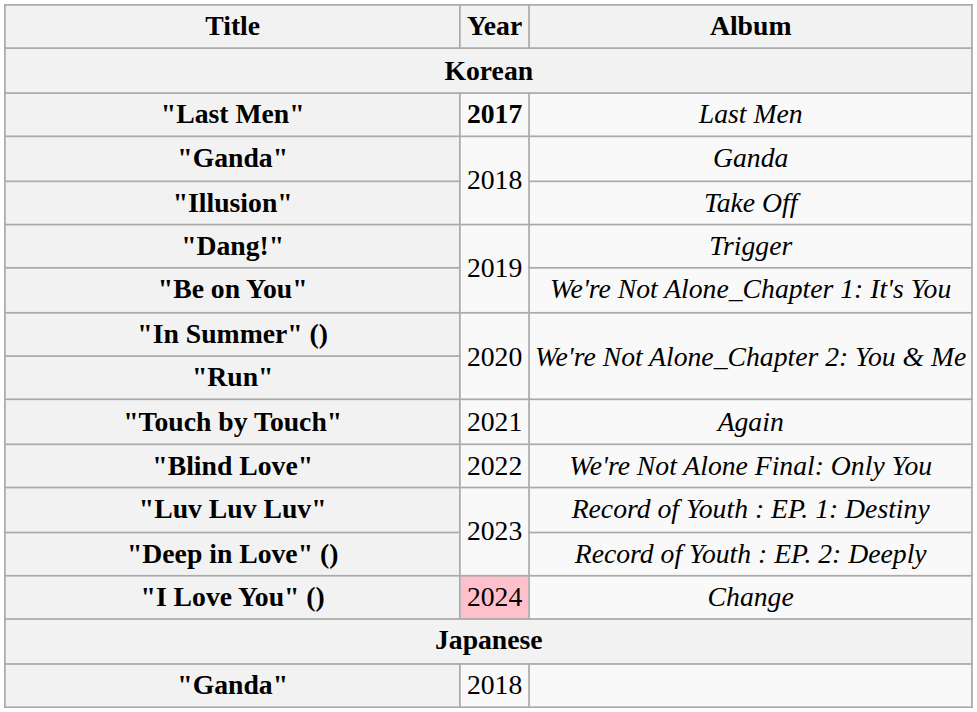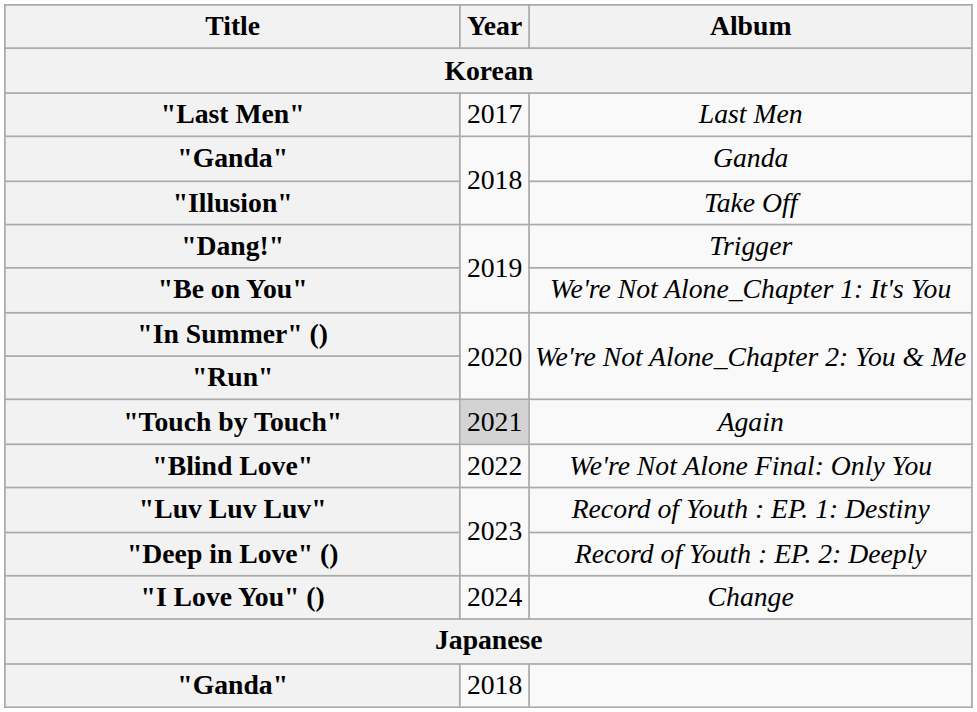 <table class="wikitable plainrowheaders" style="text-align:center;">
 <tr>
 <th scope="col" style="width:16em;">Title</th>
 <th scope="col">Year</th>
 <th scope="col">Album</th>
 </tr>
 <tr>
 <th colspan="3">Korean</th>
 </tr>
 <tr>
 <th scope="row">"Last Men"</th>
-<td><strong>2017</strong></td>
+<td>2017</td>
 <td><em>Last Men</em></td>
 </tr>
 <tr>
 <th scope="row">"Ganda"</th>
 <td rowspan="2">2018</td>
 <td><em>Ganda</em></td>
 </tr>
 <tr>
 <th scope="row">"Illusion"</th>
 <td><em>Take Off</em></td>
 </tr>
 <tr>
 <th scope="row">"Dang!"</th>
 <td rowspan="2">2019</td>
 <td><em>Trigger</em></td>
 </tr>
 <tr>
 <th scope="row">"Be on You"</th>
 <td><em>We're Not Alone_Chapter 1: It's You</em></td>
 </tr>
 <tr>
 <th scope="row">"In Summer" ()</th>
 <td rowspan="2">2020</td>
 <td rowspan="2"><em>We're Not Alone_Chapter 2: You & Me</em></td>
 </tr>
 <tr>
 <th scope="row">"Run"</th>
 </tr>
 <tr>
 <th scope="row">"Touch by Touch"</th>
-<td>2021</td>
+<td style="background: lightgrey;">2021</td>
 <td><em>Again</em></td>
 </tr>
 <tr>
 <th scope="row">"Blind Love"</th>
 <td>2022</td>
 <td><em>We're Not Alone Final: Only You</em></td>
 </tr>
 <tr>
 <th scope="row">"Luv Luv Luv"</th>
 <td rowspan="2">2023</td>
 <td><em>Record of Youth : EP. 1: Destiny</em></td>
 </tr>
 <tr>
 <th scope="row">"Deep in Love" ()</th>
 <td><em>Record of Youth : EP. 2: Deeply</em></td>
 </tr>
 <tr>
 <th scope="row">"I Love You" ()</th>
-<td style="background: pink;">2024</td>
+<td>2024</td>
 <td><em>Change</em></td>
 </tr>
 <tr>
 <th colspan="3">Japanese</th>
 </tr>
 <tr>
 <th scope="row">"Ganda"</th>
 <td>2018</td>
 <td></td>
 </tr>
 </table>
